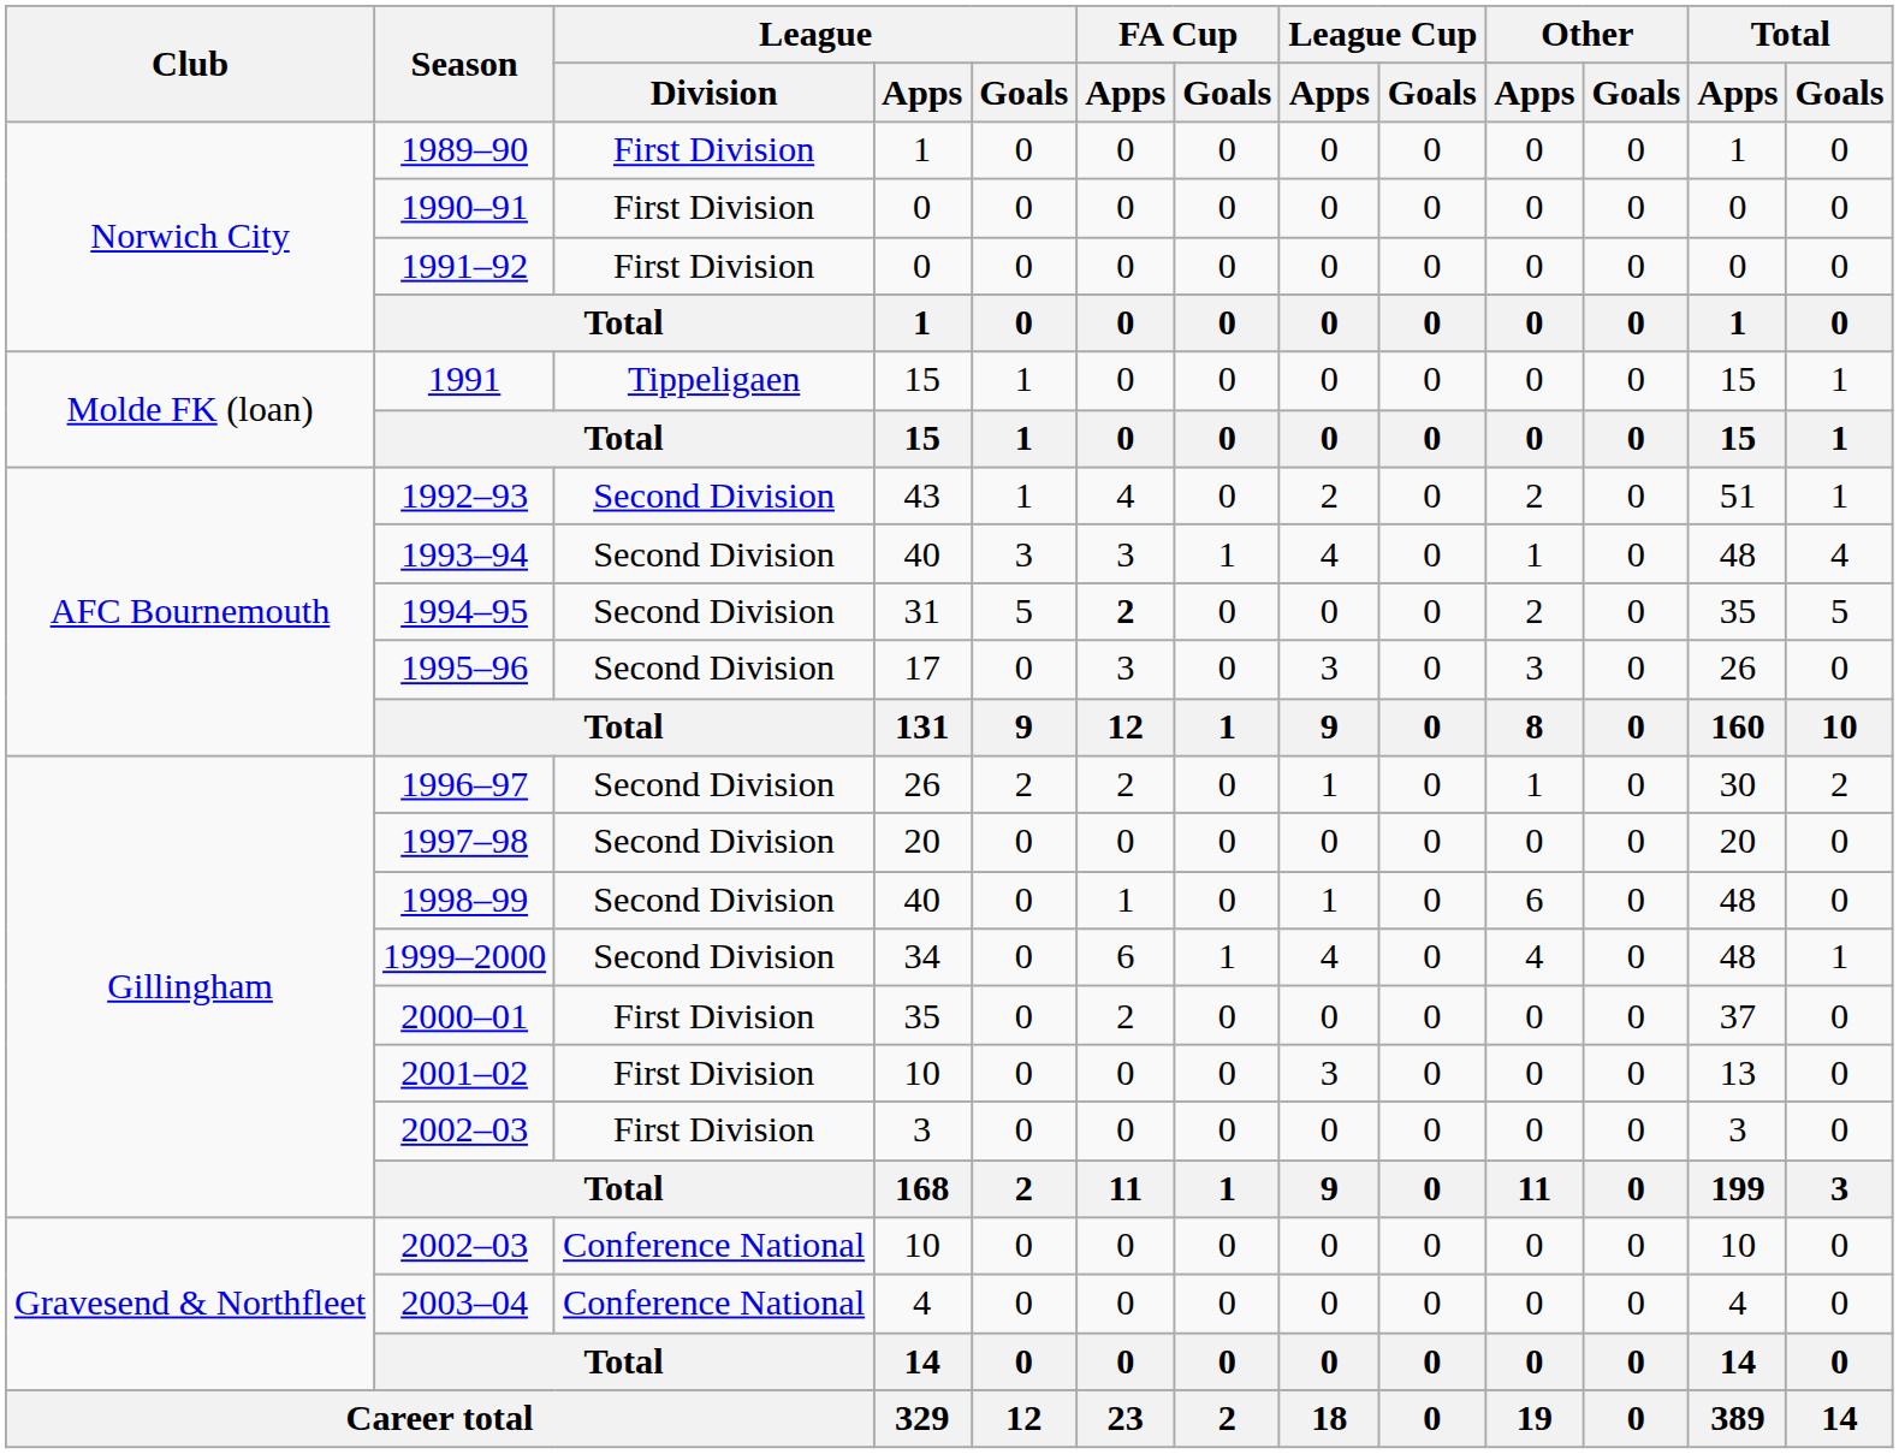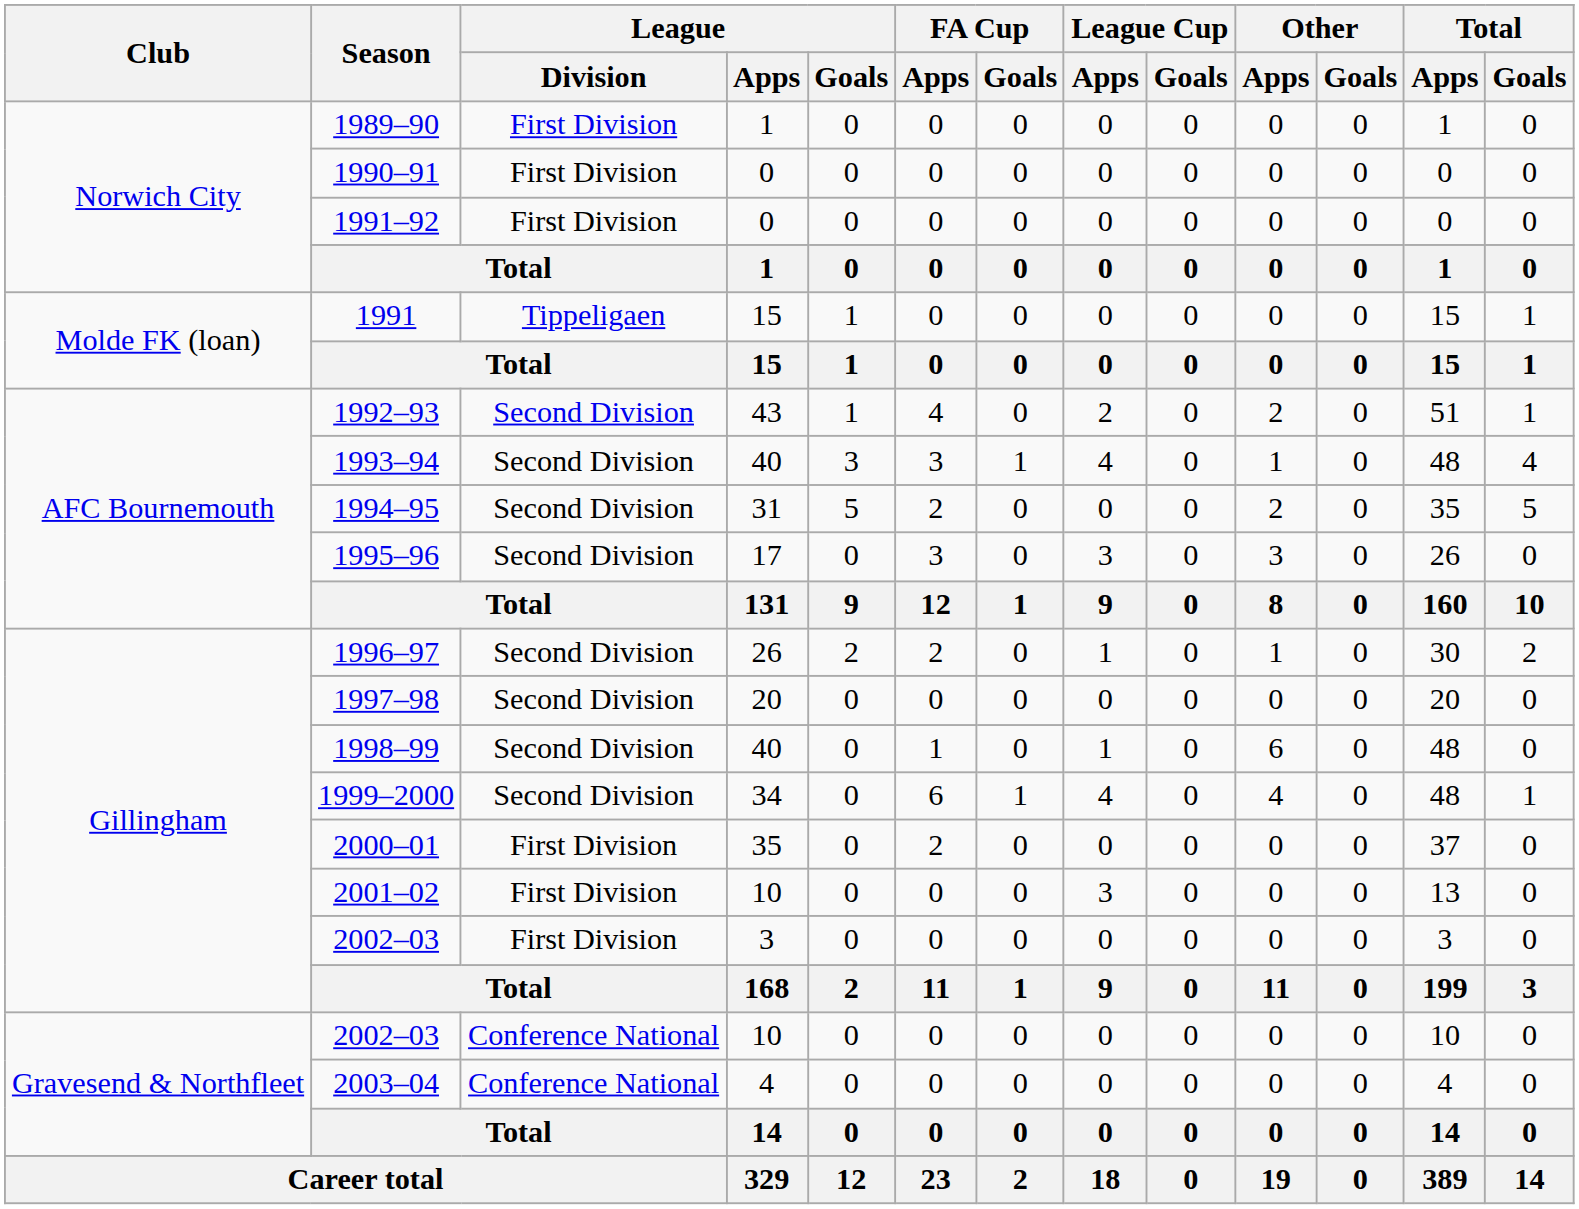 <table class="wikitable" style="text-align: center;">
 <tr>
 <th rowspan="2">Club</th>
 <th rowspan="2">Season</th>
 <th colspan="3">League</th>
 <th colspan="2">FA Cup</th>
 <th colspan="2">League Cup</th>
 <th colspan="2">Other</th>
 <th colspan="2">Total</th>
 </tr>
 <tr>
 <th>Division</th>
 <th>Apps</th>
 <th>Goals</th>
 <th>Apps</th>
 <th>Goals</th>
 <th>Apps</th>
 <th>Goals</th>
 <th>Apps</th>
 <th>Goals</th>
 <th>Apps</th>
 <th>Goals</th>
 </tr>
 <tr>
 <td rowspan="4"><a href='#'>Norwich City</a></td>
 <td><a href='#'>1989–90</a></td>
 <td><a href='#'>First Division</a></td>
 <td>1</td>
 <td>0</td>
 <td>0</td>
 <td>0</td>
 <td>0</td>
 <td>0</td>
 <td>0</td>
 <td>0</td>
 <td>1</td>
 <td>0</td>
 </tr>
 <tr>
 <td><a href='#'>1990–91</a></td>
 <td>First Division</td>
 <td>0</td>
 <td>0</td>
 <td>0</td>
 <td>0</td>
 <td>0</td>
 <td>0</td>
 <td>0</td>
 <td>0</td>
 <td>0</td>
 <td>0</td>
 </tr>
 <tr>
 <td><a href='#'>1991–92</a></td>
 <td>First Division</td>
 <td>0</td>
 <td>0</td>
 <td>0</td>
 <td>0</td>
 <td>0</td>
 <td>0</td>
 <td>0</td>
 <td>0</td>
 <td>0</td>
 <td>0</td>
 </tr>
 <tr>
 <th colspan="2">Total</th>
 <th>1</th>
 <th>0</th>
 <th>0</th>
 <th>0</th>
 <th>0</th>
 <th>0</th>
 <th>0</th>
 <th>0</th>
 <th>1</th>
 <th>0</th>
 </tr>
 <tr>
 <td rowspan="2"><a href='#'>Molde FK</a> (loan)</td>
 <td><a href='#'>1991</a></td>
 <td><a href='#'>Tippeligaen</a></td>
 <td>15</td>
 <td>1</td>
 <td>0</td>
 <td>0</td>
 <td>0</td>
 <td>0</td>
 <td>0</td>
 <td>0</td>
 <td>15</td>
 <td>1</td>
 </tr>
 <tr>
 <th colspan="2">Total</th>
 <th>15</th>
 <th>1</th>
 <th>0</th>
 <th>0</th>
 <th>0</th>
 <th>0</th>
 <th>0</th>
 <th>0</th>
 <th>15</th>
 <th>1</th>
 </tr>
 <tr>
 <td rowspan="5"><a href='#'>AFC Bournemouth</a></td>
 <td><a href='#'>1992–93</a></td>
 <td><a href='#'>Second Division</a></td>
 <td>43</td>
 <td>1</td>
 <td>4</td>
 <td>0</td>
 <td>2</td>
 <td>0</td>
 <td>2</td>
 <td>0</td>
 <td>51</td>
 <td>1</td>
 </tr>
 <tr>
 <td><a href='#'>1993–94</a></td>
 <td>Second Division</td>
 <td>40</td>
 <td>3</td>
 <td>3</td>
 <td>1</td>
 <td>4</td>
 <td>0</td>
 <td>1</td>
 <td>0</td>
 <td>48</td>
 <td>4</td>
 </tr>
 <tr>
 <td><a href='#'>1994–95</a></td>
 <td>Second Division</td>
 <td>31</td>
 <td>5</td>
-<td><strong>2</strong></td>
+<td>2</td>
 <td>0</td>
 <td>0</td>
 <td>0</td>
 <td>2</td>
 <td>0</td>
 <td>35</td>
 <td>5</td>
 </tr>
 <tr>
 <td><a href='#'>1995–96</a></td>
 <td>Second Division</td>
 <td>17</td>
 <td>0</td>
 <td>3</td>
 <td>0</td>
 <td>3</td>
 <td>0</td>
 <td>3</td>
 <td>0</td>
 <td>26</td>
 <td>0</td>
 </tr>
 <tr>
 <th colspan="2">Total</th>
 <th>131</th>
 <th>9</th>
 <th>12</th>
 <th>1</th>
 <th>9</th>
 <th>0</th>
 <th>8</th>
 <th>0</th>
 <th>160</th>
 <th>10</th>
 </tr>
 <tr>
 <td rowspan="8"><a href='#'>Gillingham</a></td>
 <td><a href='#'>1996–97</a></td>
 <td>Second Division</td>
 <td>26</td>
 <td>2</td>
 <td>2</td>
 <td>0</td>
 <td>1</td>
 <td>0</td>
 <td>1</td>
 <td>0</td>
 <td>30</td>
 <td>2</td>
 </tr>
 <tr>
 <td><a href='#'>1997–98</a></td>
 <td>Second Division</td>
 <td>20</td>
 <td>0</td>
 <td>0</td>
 <td>0</td>
 <td>0</td>
 <td>0</td>
 <td>0</td>
 <td>0</td>
 <td>20</td>
 <td>0</td>
 </tr>
 <tr>
 <td><a href='#'>1998–99</a></td>
 <td>Second Division</td>
 <td>40</td>
 <td>0</td>
 <td>1</td>
 <td>0</td>
 <td>1</td>
 <td>0</td>
 <td>6</td>
 <td>0</td>
 <td>48</td>
 <td>0</td>
 </tr>
 <tr>
 <td><a href='#'>1999–2000</a></td>
 <td>Second Division</td>
 <td>34</td>
 <td>0</td>
 <td>6</td>
 <td>1</td>
 <td>4</td>
 <td>0</td>
 <td>4</td>
 <td>0</td>
 <td>48</td>
 <td>1</td>
 </tr>
 <tr>
 <td><a href='#'>2000–01</a></td>
 <td>First Division</td>
 <td>35</td>
 <td>0</td>
 <td>2</td>
 <td>0</td>
 <td>0</td>
 <td>0</td>
 <td>0</td>
 <td>0</td>
 <td>37</td>
 <td>0</td>
 </tr>
 <tr>
 <td><a href='#'>2001–02</a></td>
 <td>First Division</td>
 <td>10</td>
 <td>0</td>
 <td>0</td>
 <td>0</td>
 <td>3</td>
 <td>0</td>
 <td>0</td>
 <td>0</td>
 <td>13</td>
 <td>0</td>
 </tr>
 <tr>
 <td><a href='#'>2002–03</a></td>
 <td>First Division</td>
 <td>3</td>
 <td>0</td>
 <td>0</td>
 <td>0</td>
 <td>0</td>
 <td>0</td>
 <td>0</td>
 <td>0</td>
 <td>3</td>
 <td>0</td>
 </tr>
 <tr>
 <th colspan="2">Total</th>
 <th>168</th>
 <th>2</th>
 <th>11</th>
 <th>1</th>
 <th>9</th>
 <th>0</th>
 <th>11</th>
 <th>0</th>
 <th>199</th>
 <th>3</th>
 </tr>
 <tr>
 <td rowspan="3"><a href='#'>Gravesend & Northfleet</a></td>
 <td><a href='#'>2002–03</a></td>
 <td><a href='#'>Conference National</a></td>
 <td>10</td>
 <td>0</td>
 <td>0</td>
 <td>0</td>
 <td>0</td>
 <td>0</td>
 <td>0</td>
 <td>0</td>
 <td>10</td>
 <td>0</td>
 </tr>
 <tr>
 <td><a href='#'>2003–04</a></td>
 <td><a href='#'>Conference National</a></td>
 <td>4</td>
 <td>0</td>
 <td>0</td>
 <td>0</td>
 <td>0</td>
 <td>0</td>
 <td>0</td>
 <td>0</td>
 <td>4</td>
 <td>0</td>
 </tr>
 <tr>
 <th colspan="2">Total</th>
 <th>14</th>
 <th>0</th>
 <th>0</th>
 <th>0</th>
 <th>0</th>
 <th>0</th>
 <th>0</th>
 <th>0</th>
 <th>14</th>
 <th>0</th>
 </tr>
 <tr>
 <th colspan="3">Career total</th>
 <th>329</th>
 <th>12</th>
 <th>23</th>
 <th>2</th>
 <th>18</th>
 <th>0</th>
 <th>19</th>
 <th>0</th>
 <th>389</th>
 <th>14</th>
 </tr>
 </table>
